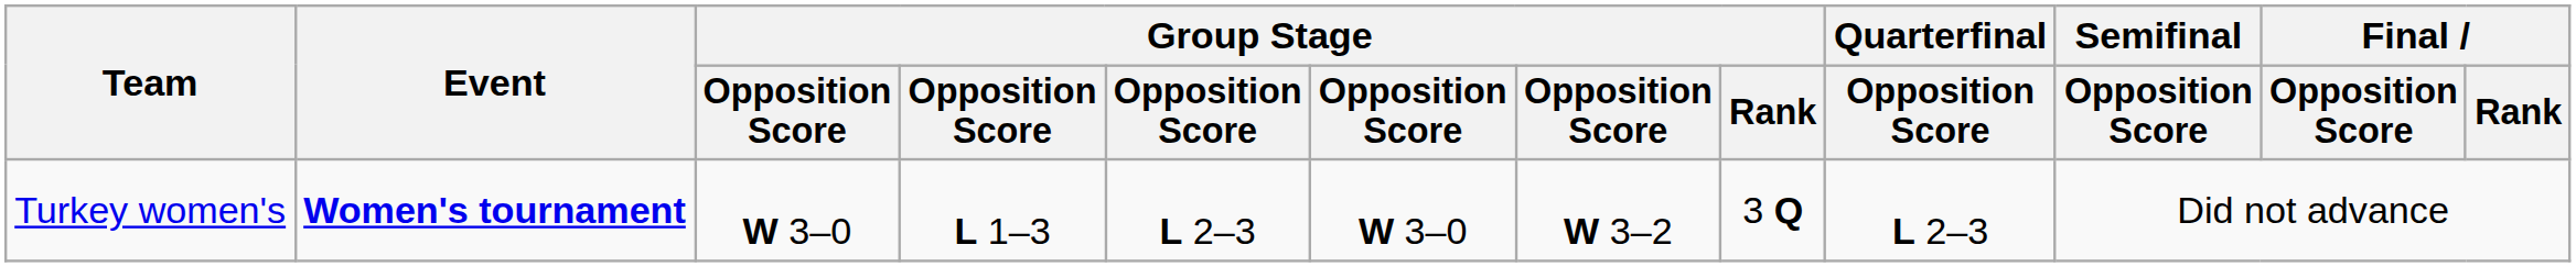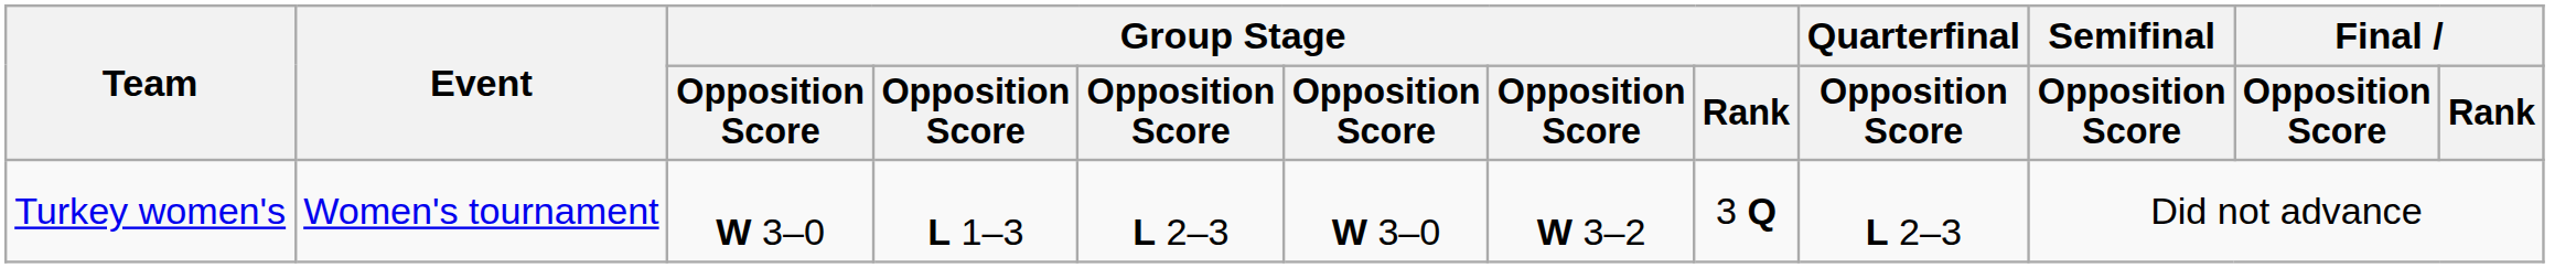 <table class=wikitable style=font-size:90%>
 <tr>
 <th rowspan=2>Team</th>
 <th rowspan=2>Event</th>
 <th colspan=6>Group Stage</th>
 <th>Quarterfinal</th>
 <th>Semifinal</th>
 <th colspan=2>Final / </th>
 </tr>
 <tr style=font-size:95%>
 <th>Opposition<br>Score</th>
 <th>Opposition<br>Score</th>
 <th>Opposition<br>Score</th>
 <th>Opposition<br>Score</th>
 <th>Opposition<br>Score</th>
 <th>Rank</th>
 <th>Opposition<br>Score</th>
 <th>Opposition<br>Score</th>
 <th>Opposition<br>Score</th>
 <th>Rank</th>
 </tr>
 <tr align=center>
 <td align=left><a href='#'>Turkey women's</a></td>
-<td align=left><strong><a href='#'>Women's tournament</a></strong></td>
+<td align=left><a href='#'>Women's tournament</a></td>
 <td><br><strong>W</strong> 3–0</td>
 <td><br><strong>L</strong> 1–3</td>
 <td><br><strong>L</strong> 2–3</td>
 <td><br><strong>W</strong> 3–0</td>
 <td><br><strong>W</strong> 3–2</td>
 <td>3 <strong>Q</strong></td>
 <td><br><strong>L</strong> 2–3</td>
 <td colspan=3>Did not advance</td>
 </tr>
 </table>
